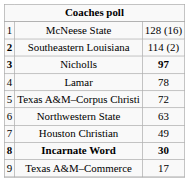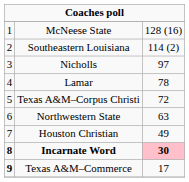 <table class="wikitable">
 <tr align="center">
 <td align="center" Colspan="3"><strong>Coaches poll</strong></td>
 </tr>
 <tr align="center">
 </tr>
 <tr align="center">
 <td>1</td>
 <td>McNeese State</td>
 <td>128 (16)</td>
 </tr>
 <tr align="center">
-<td><strong>2</strong></td>
+<td>2</td>
 <td>Southeastern Louisiana</td>
 <td>114 (2)</td>
 </tr>
 <tr align="center">
-<td><strong>3</strong></td>
+<td>3</td>
 <td>Nicholls</td>
-<td><strong>97</strong></td>
+<td>97</td>
 </tr>
 <tr align="center">
 <td>4</td>
 <td>Lamar</td>
 <td>78</td>
 </tr>
 <tr align="center">
 <td>5</td>
 <td>Texas A&M–Corpus Christi</td>
 <td>72</td>
 </tr>
 <tr align="center">
 <td>6</td>
 <td>Northwestern State</td>
 <td>63</td>
 </tr>
 <tr align="center">
 <td>7</td>
 <td>Houston Christian</td>
 <td>49</td>
 </tr>
 <tr align="center">
 <td><strong>8</strong></td>
 <td><strong>Incarnate Word</strong></td>
-<td><strong>30</strong></td>
+<td style="background: pink;"><strong>30</strong></td>
 </tr>
 <tr align="center">
-<td>9</td>
+<td><strong>9</strong></td>
 <td>Texas A&M–Commerce</td>
 <td>17</td>
 </tr>
 <tr align="center">
 </tr>
 </table>
